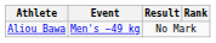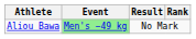 <table class="wikitable" style="font-size:90%">
 <tr>
 <th scope="col">Athlete</th>
 <th scope="col">Event</th>
 <th scope="col">Result</th>
 <th scope="col">Rank</th>
 </tr>
 <tr align=center>
 <td align=left><a href='#'>Aliou Bawa</a></td>
-<td align=left><a href='#'>Men's −49 kg</a></td>
+<td align=left style="background: lightgreen;"><a href='#'>Men's −49 kg</a></td>
 <td colspan=2>No Mark</td>
 </tr>
 </table>
